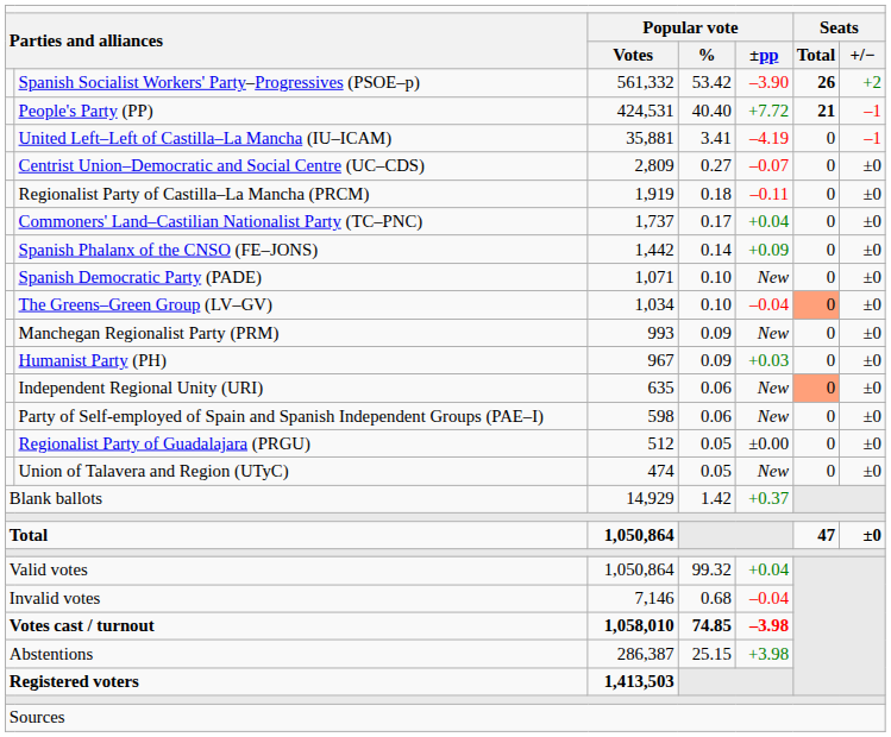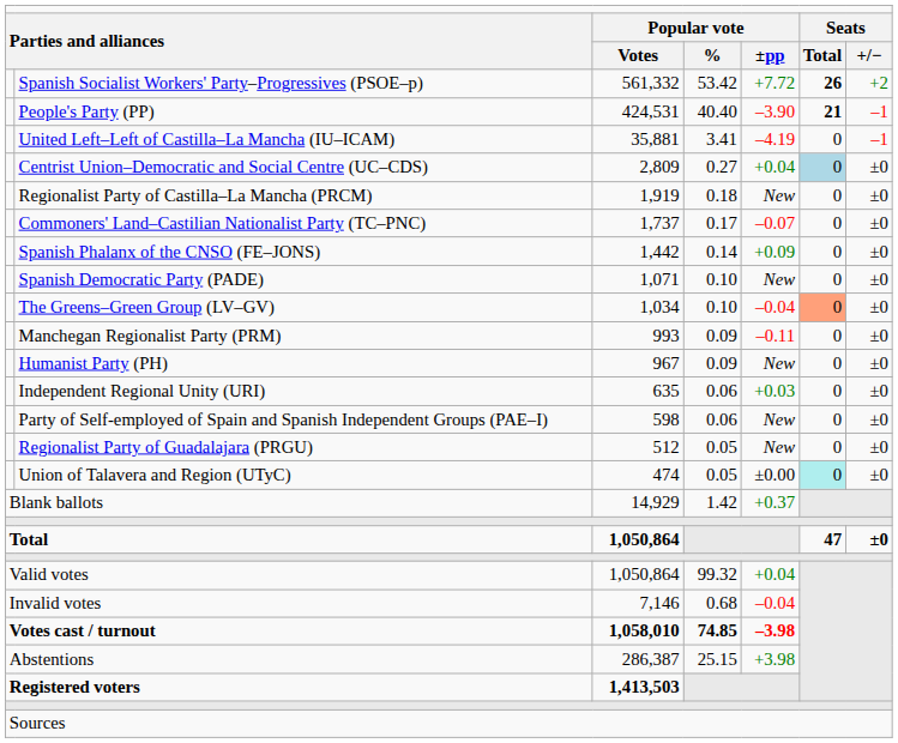 <table class="wikitable" style="text-align:right;">
 <tr>
 <td colspan="7"></td>
 </tr>
 <tr>
 <th style="text-align:left;" rowspan="2" colspan="2" width="525">Parties and alliances</th>
 <th colspan="3">Popular vote</th>
 <th colspan="2">Seats</th>
 </tr>
 <tr>
 <th width="75">Votes</th>
 <th width="45">%</th>
 <th width="45">±<a href='#'>pp</a></th>
 <th width="35">Total</th>
 <th width="35">+/−</th>
 </tr>
 <tr>
 <td width="1" style="color:inherit;background:"></td>
 <td align="left"><a href='#'>Spanish Socialist Workers' Party</a>–<a href='#'>Progressives</a> (PSOE–p)</td>
 <td>561,332</td>
 <td>53.42</td>
-<td style="color:red;">–3.90</td>
+<td style="color:green;">+7.72</td>
 <td><strong>26</strong></td>
 <td style="color:green;">+2</td>
 </tr>
 <tr>
 <td style="color:inherit;background:"></td>
 <td align="left"><a href='#'>People's Party</a> (PP)</td>
 <td>424,531</td>
 <td>40.40</td>
-<td style="color:green;">+7.72</td>
+<td style="color:red;">–3.90</td>
 <td><strong>21</strong></td>
 <td style="color:red;">–1</td>
 </tr>
 <tr>
 <td style="color:inherit;background:"></td>
 <td align="left"><a href='#'>United Left–Left of Castilla–La Mancha</a> (IU–ICAM)</td>
 <td>35,881</td>
 <td>3.41</td>
 <td style="color:red;">–4.19</td>
 <td>0</td>
 <td style="color:red;">–1</td>
 </tr>
 <tr>
 <td style="color:inherit;background:"></td>
 <td align="left"><a href='#'>Centrist Union–Democratic and Social Centre</a> (UC–CDS)</td>
 <td>2,809</td>
 <td>0.27</td>
-<td style="color:red;">–0.07</td>
-<td>0</td>
+<td style="color:green;">+0.04</td>
+<td style="background: lightblue;">0</td>
 <td>±0</td>
 </tr>
 <tr>
 <td style="color:inherit;background:"></td>
 <td align="left">Regionalist Party of Castilla–La Mancha (PRCM)</td>
 <td>1,919</td>
 <td>0.18</td>
-<td style="color:red;">–0.11</td>
+<td><em>New</em></td>
 <td>0</td>
 <td>±0</td>
 </tr>
 <tr>
 <td style="color:inherit;background:"></td>
 <td align="left"><a href='#'>Commoners' Land–Castilian Nationalist Party</a> (TC–PNC)</td>
 <td>1,737</td>
 <td>0.17</td>
-<td style="color:green;">+0.04</td>
+<td style="color:red;">–0.07</td>
 <td>0</td>
 <td>±0</td>
 </tr>
 <tr>
 <td style="color:inherit;background:"></td>
 <td align="left"><a href='#'>Spanish Phalanx of the CNSO</a> (FE–JONS)</td>
 <td>1,442</td>
 <td>0.14</td>
 <td style="color:green;">+0.09</td>
 <td>0</td>
 <td>±0</td>
 </tr>
 <tr>
 <td style="color:inherit;background:"></td>
 <td align="left"><a href='#'>Spanish Democratic Party</a> (PADE)</td>
 <td>1,071</td>
 <td>0.10</td>
 <td><em>New</em></td>
 <td>0</td>
 <td>±0</td>
 </tr>
 <tr>
 <td style="color:inherit;background:"></td>
 <td align="left"><a href='#'>The Greens–Green Group</a> (LV–GV)</td>
 <td>1,034</td>
 <td>0.10</td>
 <td style="color:red;">–0.04</td>
 <td style="background: lightsalmon;">0</td>
 <td>±0</td>
 </tr>
 <tr>
 <td style="color:inherit;background:"></td>
 <td align="left">Manchegan Regionalist Party (PRM)</td>
 <td>993</td>
 <td>0.09</td>
-<td><em>New</em></td>
+<td style="color:red;">–0.11</td>
 <td>0</td>
 <td>±0</td>
 </tr>
 <tr>
 <td style="color:inherit;background:"></td>
 <td align="left"><a href='#'>Humanist Party</a> (PH)</td>
 <td>967</td>
 <td>0.09</td>
-<td style="color:green;">+0.03</td>
+<td><em>New</em></td>
 <td>0</td>
 <td>±0</td>
 </tr>
 <tr>
 <td style="color:inherit;background:"></td>
 <td align="left">Independent Regional Unity (URI)</td>
 <td>635</td>
 <td>0.06</td>
-<td><em>New</em></td>
-<td style="background: lightsalmon;">0</td>
+<td style="color:green;">+0.03</td>
+<td>0</td>
 <td>±0</td>
 </tr>
 <tr>
 <td style="color:inherit;background:"></td>
 <td align="left">Party of Self-employed of Spain and Spanish Independent Groups (PAE–I)</td>
 <td>598</td>
 <td>0.06</td>
 <td><em>New</em></td>
 <td>0</td>
 <td>±0</td>
 </tr>
 <tr>
 <td style="color:inherit;background:"></td>
 <td align="left"><a href='#'>Regionalist Party of Guadalajara</a> (PRGU)</td>
 <td>512</td>
 <td>0.05</td>
-<td>±0.00</td>
+<td><em>New</em></td>
 <td>0</td>
 <td>±0</td>
 </tr>
 <tr>
 <td style="color:inherit;background:"></td>
 <td align="left">Union of Talavera and Region (UTyC)</td>
 <td>474</td>
 <td>0.05</td>
-<td><em>New</em></td>
-<td>0</td>
+<td>±0.00</td>
+<td style="background: paleturquoise;">0</td>
 <td>±0</td>
 </tr>
 <tr>
 <td align="left" colspan="2">Blank ballots</td>
 <td>14,929</td>
 <td>1.42</td>
 <td style="color:green;">+0.37</td>
 <td bgcolor="#E9E9E9" colspan="2"></td>
 </tr>
 <tr>
 <td colspan="7" bgcolor="#E9E9E9"></td>
 </tr>
 <tr style="font-weight:bold;">
 <td align="left" colspan="2">Total</td>
 <td>1,050,864</td>
 <td bgcolor="#E9E9E9" colspan="2"></td>
 <td>47</td>
 <td>±0</td>
 </tr>
 <tr>
 <td colspan="7" bgcolor="#E9E9E9"></td>
 </tr>
 <tr>
 <td align="left" colspan="2">Valid votes</td>
 <td>1,050,864</td>
 <td>99.32</td>
 <td style="color:green;">+0.04</td>
 <td bgcolor="#E9E9E9" colspan="2" rowspan="5"></td>
 </tr>
 <tr>
 <td align="left" colspan="2">Invalid votes</td>
 <td>7,146</td>
 <td>0.68</td>
 <td style="color:red;">–0.04</td>
 </tr>
 <tr style="font-weight:bold;">
 <td align="left" colspan="2">Votes cast / turnout</td>
 <td>1,058,010</td>
 <td>74.85</td>
 <td style="color:red;">–3.98</td>
 </tr>
 <tr>
 <td align="left" colspan="2">Abstentions</td>
 <td>286,387</td>
 <td>25.15</td>
 <td style="color:green;">+3.98</td>
 </tr>
 <tr style="font-weight:bold;">
 <td align="left" colspan="2">Registered voters</td>
 <td>1,413,503</td>
 <td bgcolor="#E9E9E9" colspan="2"></td>
 </tr>
 <tr>
 <td colspan="7" bgcolor="#E9E9E9"></td>
 </tr>
 <tr>
 <td align="left" colspan="7">Sources</td>
 </tr>
 </table>
